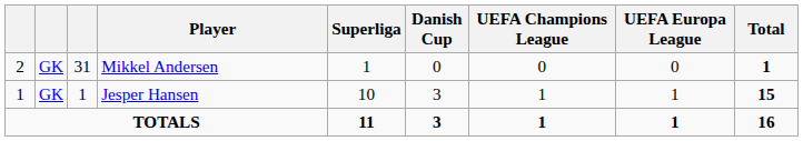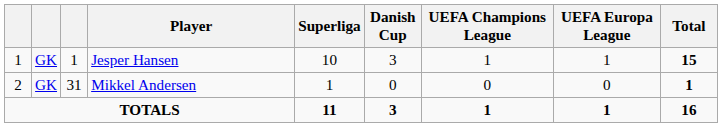 <table class="wikitable sortable" style="font-size: 95%; text-align: center;">
 <tr>
 <th width=20></th>
 <th width=20></th>
 <th width=20></th>
 <th width=200>Player</th>
 <th width=50>Superliga</th>
 <th width=50>Danish Cup</th>
 <th width=125>UEFA Champions League</th>
 <th width=100>UEFA Europa League</th>
 <th width=50>Total</th>
 </tr>
 <tr>
+<td>1</td>
+<td><a href='#'>GK</a></td>
+<td>1</td>
+<td align=left> <a href='#'>Jesper Hansen</a></td>
+<td>10</td>
+<td>3</td>
+<td>1</td>
+<td>1</td>
+<td><strong>15</strong></td>
+</tr>
+<tr>
 <td>2</td>
 <td><a href='#'>GK</a></td>
 <td>31</td>
 <td align=left> <a href='#'>Mikkel Andersen</a></td>
 <td>1</td>
 <td>0</td>
 <td>0</td>
 <td>0</td>
 <td><strong>1</strong></td>
 </tr>
 <tr>
-<td>1</td>
-<td><a href='#'>GK</a></td>
-<td>1</td>
-<td align=left> <a href='#'>Jesper Hansen</a></td>
-<td>10</td>
-<td>3</td>
-<td>1</td>
-<td>1</td>
-<td><strong>15</strong></td>
-</tr>
-<tr>
 <td colspan="4"><strong>TOTALS</strong></td>
 <td><strong>11</strong></td>
 <td><strong>3</strong></td>
 <td><strong>1</strong></td>
 <td><strong>1</strong></td>
 <td><strong>16</strong></td>
 </tr>
 </table>
